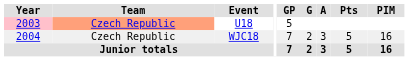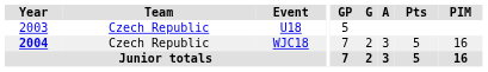 <table border="0" cellpadding="1" cellspacing="0" ID="Table3" style="text-align:center; width:40em">
 <tr ALIGN="center" bgcolor="#e0e0e0">
 <th>Year</th>
 <th>Team</th>
 <th>Event</th>
 <th rowspan="99" bgcolor="#ffffff"></th>
 <th>GP</th>
 <th>G</th>
 <th>A</th>
 <th>Pts</th>
 <th>PIM</th>
 </tr>
 <tr>
-<td style="background: pink;"><a href='#'>2003</a></td>
-<td style="background: lightsalmon;"><a href='#'>Czech Republic</a></td>
+<td><a href='#'>2003</a></td>
+<td><a href='#'>Czech Republic</a></td>
 <td><a href='#'>U18</a></td>
 <td>5</td>
 <td></td>
 <td></td>
 <td></td>
 <td></td>
 </tr>
 <tr bgcolor="#f0f0f0">
-<td><a href='#'>2004</a></td>
+<td><strong><a href='#'>2004</a></strong></td>
 <td>Czech Republic</td>
 <td><a href='#'>WJC18</a></td>
 <td>7</td>
 <td>2</td>
 <td>3</td>
 <td>5</td>
 <td>16</td>
 </tr>
 <tr bgcolor="#e0e0e0">
 <th colspan="3">Junior totals</th>
 <th>7</th>
 <th>2</th>
 <th>3</th>
 <th>5</th>
 <th>16</th>
 </tr>
 </table>
